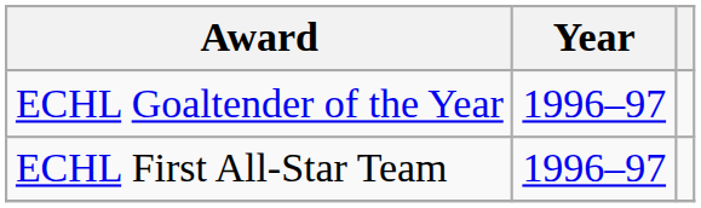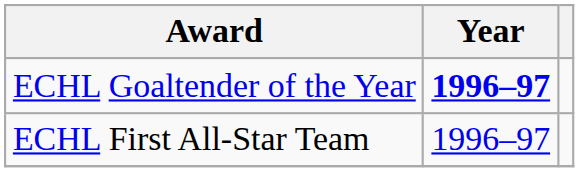 <table class="wikitable">
 <tr>
 <th>Award</th>
 <th>Year</th>
 <th></th>
 </tr>
 <tr>
 <td><a href='#'>ECHL</a> <a href='#'>Goaltender of the Year</a></td>
-<td><a href='#'>1996–97</a></td>
+<td><strong><a href='#'>1996–97</a></strong></td>
 <td></td>
 </tr>
 <tr>
 <td><a href='#'>ECHL</a> First All-Star Team</td>
 <td><a href='#'>1996–97</a></td>
 <td></td>
 </tr>
 <tr>
 </tr>
 </table>
